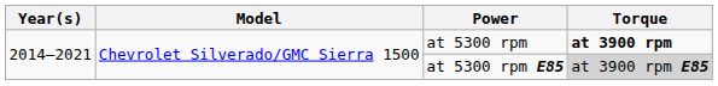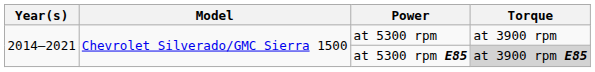 <table class="wikitable">
 <tr>
 <th scope="col">Year(s)</th>
 <th scope="col">Model</th>
 <th scope="col">Power</th>
 <th scope="col">Torque</th>
 </tr>
 <tr>
 <td rowspan="2">2014–2021</td>
 <td rowspan="2"><a href='#'>Chevrolet Silverado/GMC Sierra</a> 1500</td>
 <td> at 5300 rpm</td>
-<td><strong> at 3900 rpm</strong></td>
+<td> at 3900 rpm</td>
 </tr>
 <tr>
 <td> at 5300 rpm <strong><em>E85</em></strong></td>
 <td style="background: lightgrey;"> at 3900 rpm <strong><em>E85</em></strong></td>
 </tr>
 </table>
